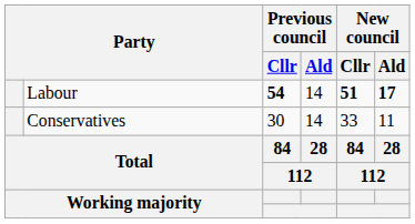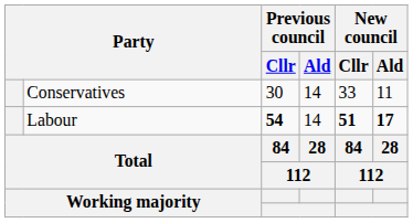 <table class="wikitable">
 <tr>
 <th colspan="2" rowspan="2" style="width: 230px">Party</th>
 <th valign=top colspan="2" style="width: 30px">Previous council</th>
 <th valign=top colspan="2" style="width: 30px">New council</th>
 </tr>
 <tr>
 <th><a href='#'>Cllr</a></th>
 <th><a href='#'>Ald</a></th>
 <th>Cllr</th>
 <th>Ald</th>
 </tr>
 <tr>
 <th style="background-color: "></th>
+<td>Conservatives</td>
+<td>30</td>
+<td>14</td>
+<td>33</td>
+<td>11</td>
+</tr>
+<tr>
+<th style="background-color: "></th>
 <td>Labour</td>
 <td><strong>54</strong></td>
 <td>14</td>
 <td><strong>51</strong></td>
 <td><strong>17</strong></td>
-</tr>
-<tr>
-<th style="background-color: "></th>
-<td>Conservatives</td>
-<td>30</td>
-<td>14</td>
-<td>33</td>
-<td>11</td>
 </tr>
 <tr>
 <th colspan="2" rowspan="2">Total</th>
 <th style="text-align: center">84</th>
 <th style="text-align: center">28</th>
 <th style="text-align: center">84</th>
 <th style="text-align: center">28</th>
 </tr>
 <tr>
 <th colspan="2" style="text-align: center">112</th>
 <th colspan="2" style="text-align: center">112</th>
 </tr>
 <tr>
 <th colspan="2" rowspan="2">Working majority</th>
 <th></th>
 <th></th>
 <th></th>
 <th></th>
 </tr>
 <tr>
 <th colspan="2"></th>
 <th colspan="2"></th>
 </tr>
 </table>
